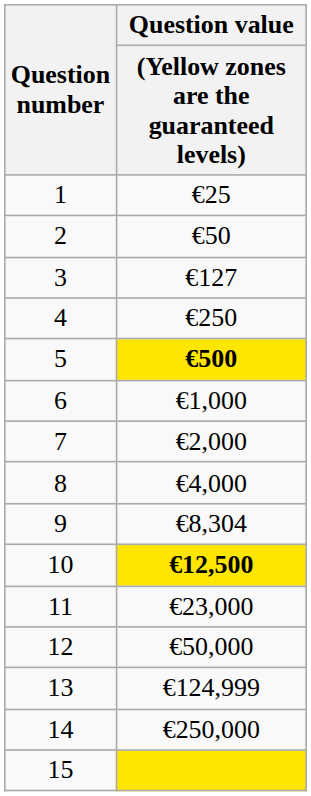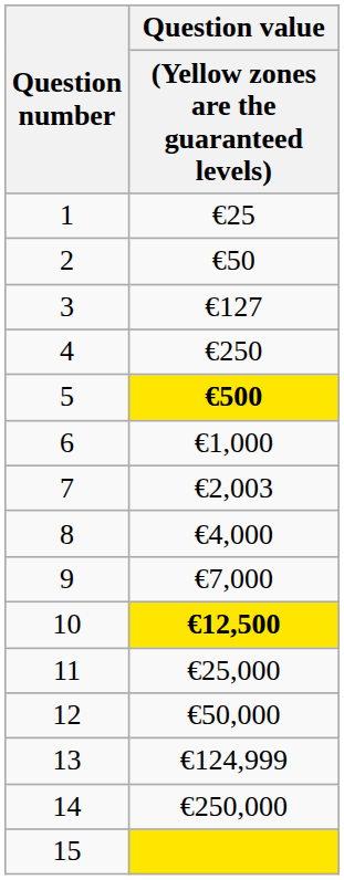 <table class="wikitable" style="text-align:center; border:1px;; cellpadding:2; cellspacing:0; width:30%;">
 <tr>
 <th rowspan="2" style="width: 30%">Question number</th>
 <th>Question value</th>
 </tr>
 <tr>
 <th style="width: 70%">(Yellow zones are the guaranteed levels)</th>
 </tr>
 <tr>
 <td>1</td>
 <td><span>€25</span></td>
 </tr>
 <tr>
 <td>2</td>
 <td><span>€50</span></td>
 </tr>
 <tr>
 <td>3</td>
 <td><span>€127</span></td>
 </tr>
 <tr>
 <td>4</td>
 <td><span>€250</span></td>
 </tr>
 <tr>
 <td>5</td>
 <td style="background: #FFE600"><span><strong>€500</strong></span></td>
 </tr>
 <tr>
 <td>6</td>
 <td><span>€1,000</span></td>
 </tr>
 <tr>
 <td>7</td>
-<td><span>€2,000</span></td>
+<td><span>€2,003</span></td>
 </tr>
 <tr>
 <td>8</td>
 <td><span>€4,000</span></td>
 </tr>
 <tr>
 <td>9</td>
-<td><span>€8,304</span></td>
+<td><span>€7,000</span></td>
 </tr>
 <tr>
 <td>10</td>
 <td style="background: #FFE600"><span><strong>€12,500</strong></span></td>
 </tr>
 <tr>
 <td>11</td>
-<td><span>€23,000</span></td>
+<td><span>€25,000</span></td>
 </tr>
 <tr>
 <td>12</td>
 <td><span>€50,000</span></td>
 </tr>
 <tr>
 <td>13</td>
 <td><span>€124,999</span></td>
 </tr>
 <tr>
 <td>14</td>
 <td><span>€250,000</span></td>
 </tr>
 <tr>
 <td>15</td>
 <td style="background: #FFE600"><span><strong></strong></span></td>
 </tr>
 </table>
